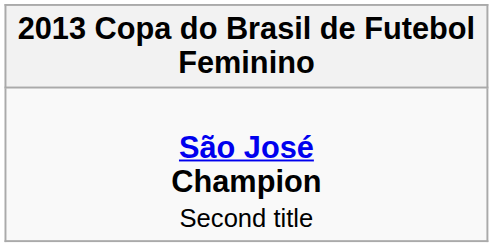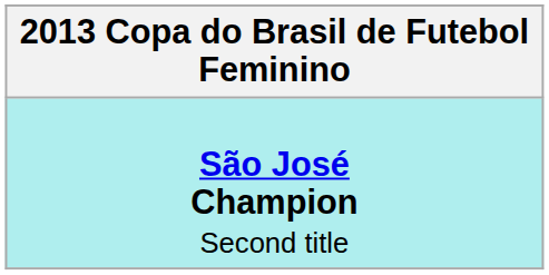 <table class="wikitable" style="margin: 0 auto; width: 20%;">
 <tr>
 <th>2013 Copa do Brasil de Futebol Feminino</th>
 </tr>
 <tr>
-<td align=center> <br><strong><a href='#'>São José</a></strong><br><strong>Champion</strong><br><small>Second title</small></td>
+<td align=center style="background: paleturquoise;"> <br><strong><a href='#'>São José</a></strong><br><strong>Champion</strong><br><small>Second title</small></td>
 </tr>
 </table>
